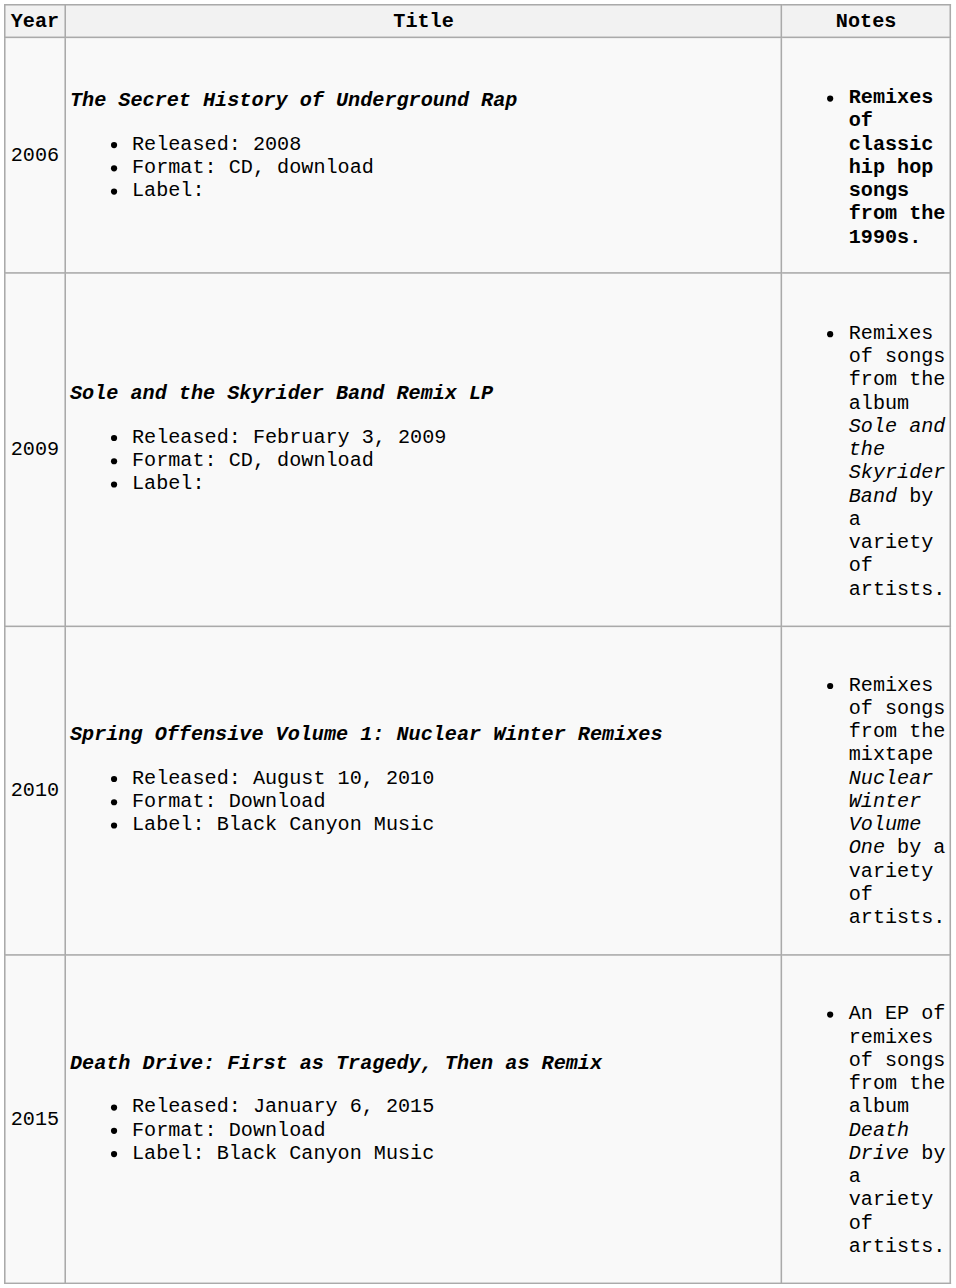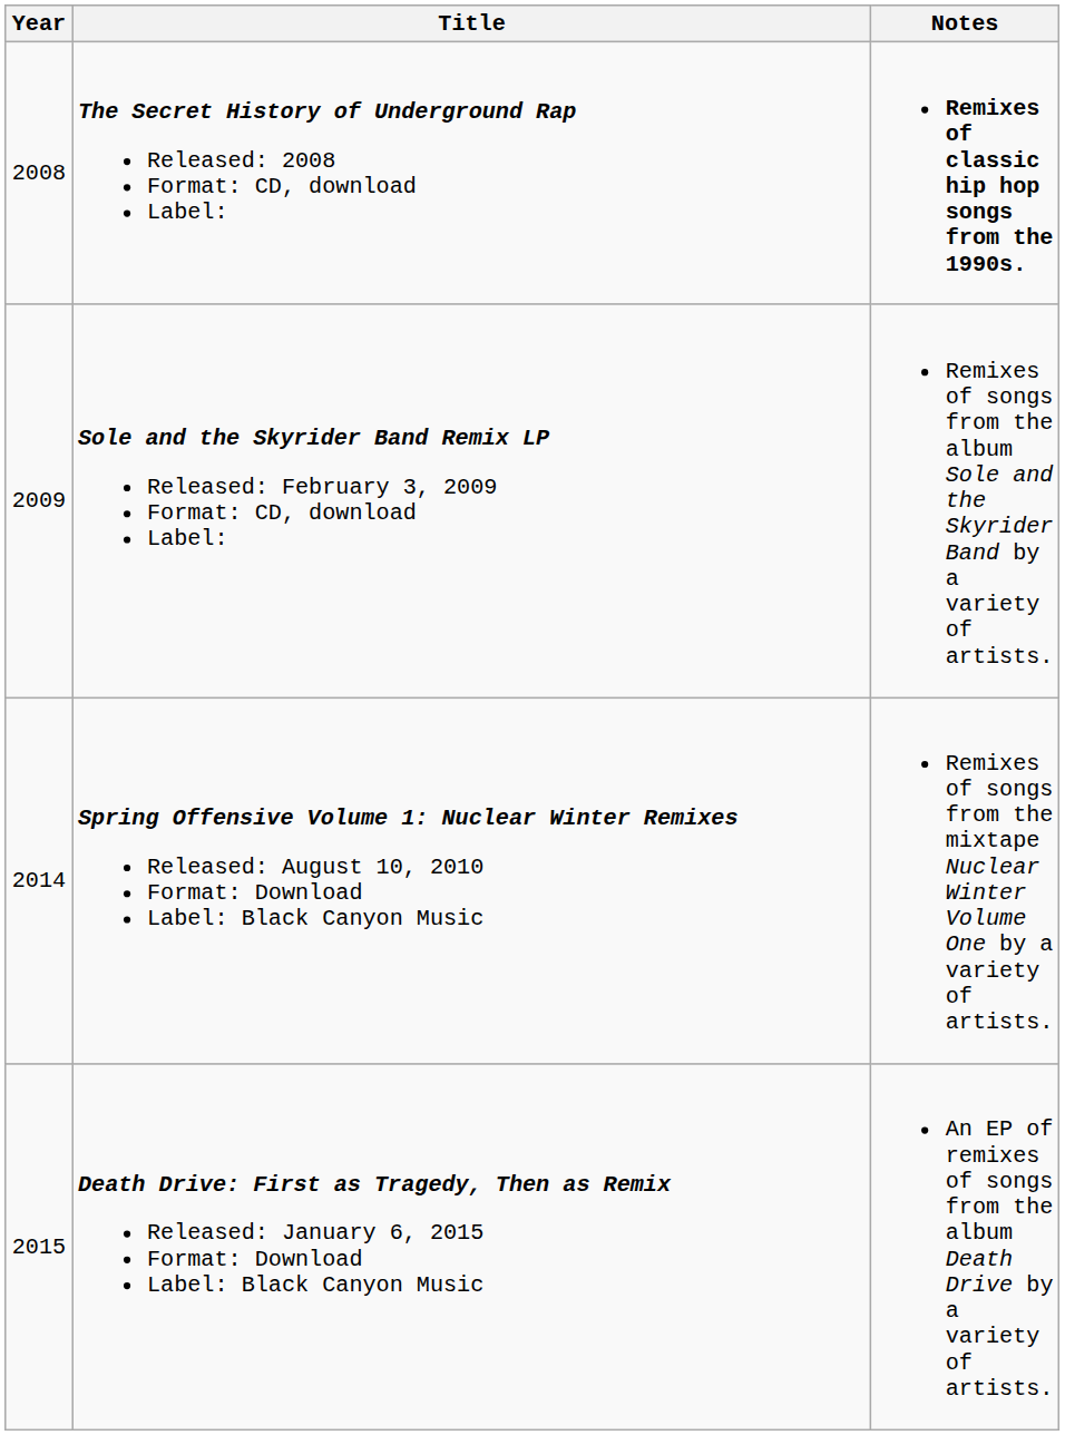 <table class="wikitable">
 <tr>
 <th rowspan="1" style="width:33px;">Year</th>
 <th rowspan="1" style="width:500px;">Title</th>
 <th rowspan="1">Notes</th>
 </tr>
 <tr>
-<td style="text-align:center;">2006</td>
+<td style="text-align:center;">2008</td>
 <td><strong><em>The Secret History of Underground Rap</em></strong><br><ul><li>Released: 2008</li><li>Format: CD, download</li><li>Label:</li></ul></td>
 <td><strong><br><ul><li>Remixes of classic hip hop songs from the 1990s.</li></ul></strong></td>
 </tr>
 <tr>
 <td style="text-align:center;">2009</td>
 <td><strong><em>Sole and the Skyrider Band Remix LP</em></strong><br><ul><li>Released: February 3, 2009</li><li>Format: CD, download</li><li>Label:</li></ul></td>
 <td><br><ul><li>Remixes of songs from the album <em>Sole and the Skyrider Band</em> by a variety of artists.</li></ul></td>
 </tr>
 <tr>
-<td style="text-align:center;">2010</td>
+<td style="text-align:center;">2014</td>
 <td><strong><em>Spring Offensive Volume 1: Nuclear Winter Remixes</em></strong><br><ul><li>Released: August 10, 2010</li><li>Format: Download</li><li>Label: Black Canyon Music</li></ul></td>
 <td><br><ul><li>Remixes of songs from the mixtape <em>Nuclear Winter Volume One</em> by a variety of artists.</li></ul></td>
 </tr>
 <tr>
 <td style="text-align:center;">2015</td>
 <td><strong><em>Death Drive: First as Tragedy, Then as Remix </em></strong><br><ul><li>Released: January 6, 2015</li><li>Format: Download</li><li>Label: Black Canyon Music</li></ul></td>
 <td><br><ul><li>An EP of remixes of songs from the album <em>Death Drive</em> by a variety of artists.</li></ul></td>
 </tr>
 <tr>
 </tr>
 </table>
